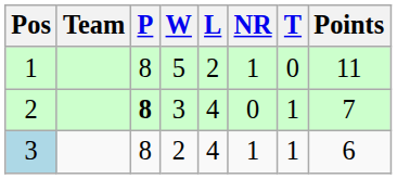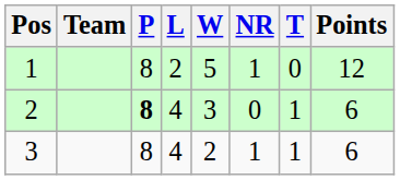 <table class="wikitable">
 <tr>
 <th>Pos</th>
 <th>Team</th>
 <th><a href='#'>P</a></th>
+<th><a href='#'>L</a></th>
 <th><a href='#'>W</a></th>
-<th><a href='#'>L</a></th>
 <th><a href='#'>NR</a></th>
 <th><a href='#'>T</a></th>
 <th>Points</th>
 </tr>
 <tr align="center" bgcolor="#ccffcc">
 <td>1</td>
 <td align="left"></td>
 <td>8</td>
+<td>2</td>
 <td>5</td>
-<td>2</td>
 <td>1</td>
 <td>0</td>
-<td>11</td>
+<td>12</td>
 </tr>
 <tr align="center" bgcolor="#ccffcc">
 <td>2</td>
 <td align="left"></td>
 <td><strong>8</strong></td>
+<td>4</td>
 <td>3</td>
-<td>4</td>
 <td>0</td>
 <td>1</td>
-<td>7</td>
+<td>6</td>
 </tr>
 <tr align="center">
-<td style="background: lightblue;">3</td>
+<td>3</td>
 <td align="left"></td>
 <td>8</td>
+<td>4</td>
 <td>2</td>
-<td>4</td>
 <td>1</td>
 <td>1</td>
 <td>6</td>
 </tr>
 </table>
